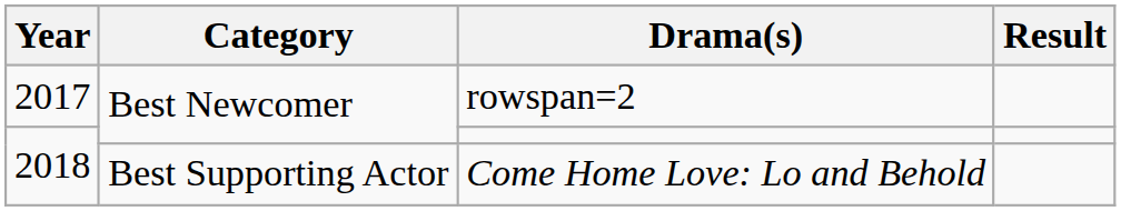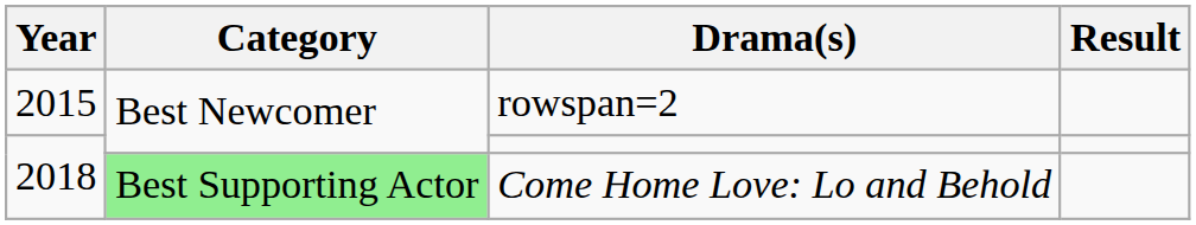 <table class="wikitable sortable">
 <tr>
 <th>Year</th>
 <th>Category</th>
 <th>Drama(s)</th>
 <th>Result</th>
 </tr>
 <tr>
-<td>2017</td>
+<td>2015</td>
 <td rowspan=2>Best Newcomer</td>
 <td>rowspan=2 </td>
 <td></td>
 </tr>
 <tr>
 <td rowspan=2>2018</td>
 <td></td>
 </tr>
 <tr>
-<td>Best Supporting Actor</td>
+<td style="background: lightgreen;">Best Supporting Actor</td>
 <td><em>Come Home Love: Lo and Behold</em></td>
 <td></td>
 </tr>
 </table>
